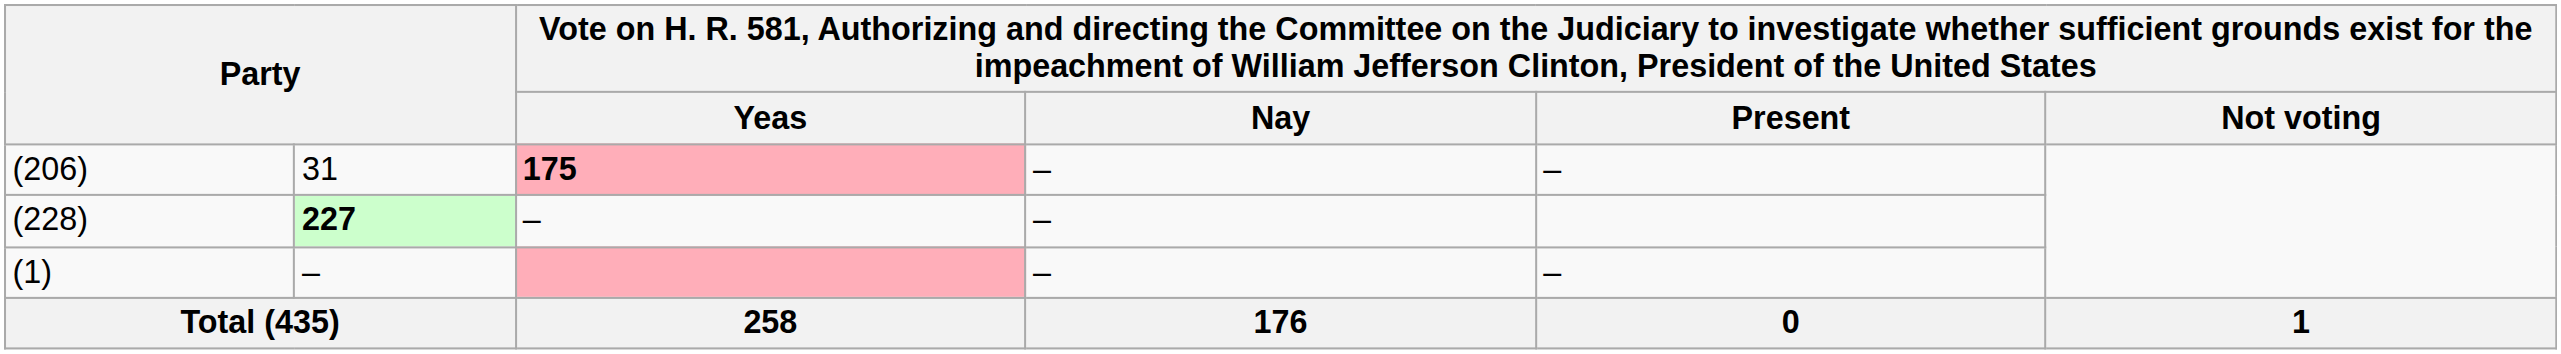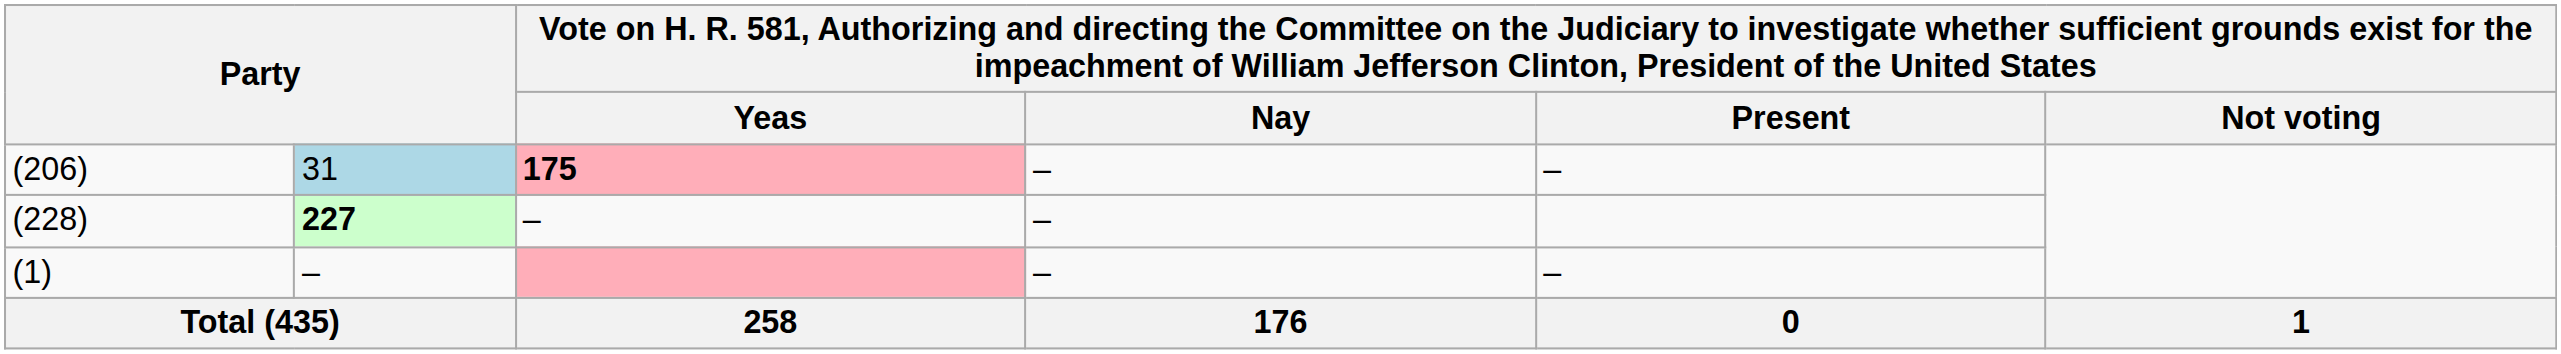 <table class="wikitable" style="width:100%">
 <tr>
 <th style="width:20%;" colspan="2" rowspan="2">Party</th>
 <th colspan="4">Vote on H. R. 581, Authorizing and directing the Committee on the Judiciary to investigate whether sufficient grounds exist for the impeachment of William Jefferson Clinton, President of the United States</th>
 </tr>
 <tr>
 <th style="width:20%;">Yeas</th>
 <th style="width:20%;">Nay</th>
 <th style="width:20%;">Present</th>
 <th style="width:20%;">Not voting</th>
 </tr>
 <tr>
 <td> (206)</td>
-<td>31</td>
+<td style="background: lightblue;">31</td>
 <td style="background-color:#FFAEB9;"><strong>175</strong></td>
 <td>–</td>
 <td>–</td>
 </tr>
 <tr>
 <td> (228)</td>
 <td style="background-color:#CCFFCC;"><strong>227</strong></td>
 <td>–</td>
 <td>–</td>
 <td></td>
 </tr>
 <tr>
 <td> (1)</td>
 <td>–</td>
 <td style="background-color:#FFAEB9;"></td>
 <td>–</td>
 <td>–</td>
 </tr>
 <tr>
 <th colspan="2">Total (435)</th>
 <th>258</th>
 <th>176</th>
 <th>0</th>
 <th>1</th>
 </tr>
 </table>
